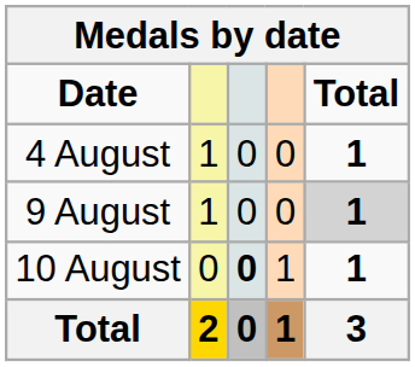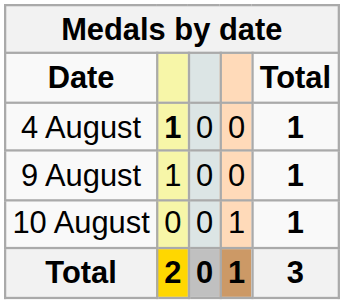 <table class="wikitable" style="font-size:85%">
 <tr bgcolor="#efefef">
 <th colspan=6>Medals by date</th>
 </tr>
 <tr align=center>
 <td><strong>Date</strong></td>
 <td bgcolor=#f7f6a8></td>
 <td bgcolor=#dce5e5></td>
 <td bgcolor=#ffdab9></td>
 <td><strong>Total</strong></td>
 </tr>
 <tr align=center>
 <td>4 August</td>
-<td style="background:#F7F6A8;">1</td>
+<td style="background:#F7F6A8;"><strong>1</strong></td>
 <td style="background:#DCE5E5;">0</td>
 <td style="background:#FFDAB9;">0</td>
 <td><strong>1</strong></td>
 </tr>
 <tr align=center>
 <td>9 August</td>
 <td style="background:#F7F6A8;">1</td>
 <td style="background:#DCE5E5;">0</td>
 <td style="background:#FFDAB9;">0</td>
-<td style="background: lightgrey;"><strong>1</strong></td>
+<td><strong>1</strong></td>
 </tr>
 <tr align=center>
 <td>10 August</td>
 <td style="background:#F7F6A8;">0</td>
-<td style="background:#DCE5E5;"><strong>0</strong></td>
+<td style="background:#DCE5E5;">0</td>
 <td style="background:#FFDAB9;">1</td>
 <td><strong>1</strong></td>
 </tr>
 <tr align=center>
 <th><strong>Total</strong></th>
 <th style="background:gold;"><strong>2</strong></th>
 <th style="background:silver;"><strong>0</strong></th>
 <th style="background:#c96;"><strong>1</strong></th>
 <th>3</th>
 </tr>
 </table>
